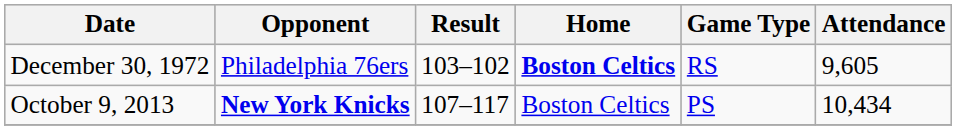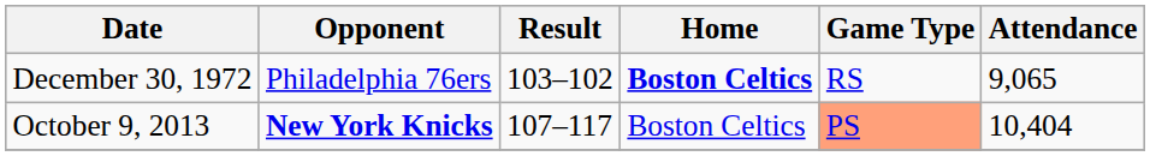 <table class="wikitable">
 <tr>
 <th>Date</th>
 <th>Opponent</th>
 <th>Result</th>
 <th>Home</th>
 <th>Game Type</th>
 <th>Attendance</th>
 </tr>
 <tr>
 <td>December 30, 1972</td>
 <td><a href='#'>Philadelphia 76ers</a></td>
 <td>103–102</td>
 <td><strong><a href='#'>Boston Celtics</a></strong></td>
 <td><a href='#'>RS</a></td>
-<td>9,605</td>
+<td>9,065</td>
 </tr>
 <tr>
 <td>October 9, 2013</td>
 <td><strong><a href='#'>New York Knicks</a></strong></td>
 <td>107–117</td>
 <td><a href='#'>Boston Celtics</a></td>
-<td><a href='#'>PS</a></td>
-<td>10,434</td>
+<td style="background: lightsalmon;"><a href='#'>PS</a></td>
+<td>10,404</td>
 </tr>
 <tr>
 </tr>
 </table>
